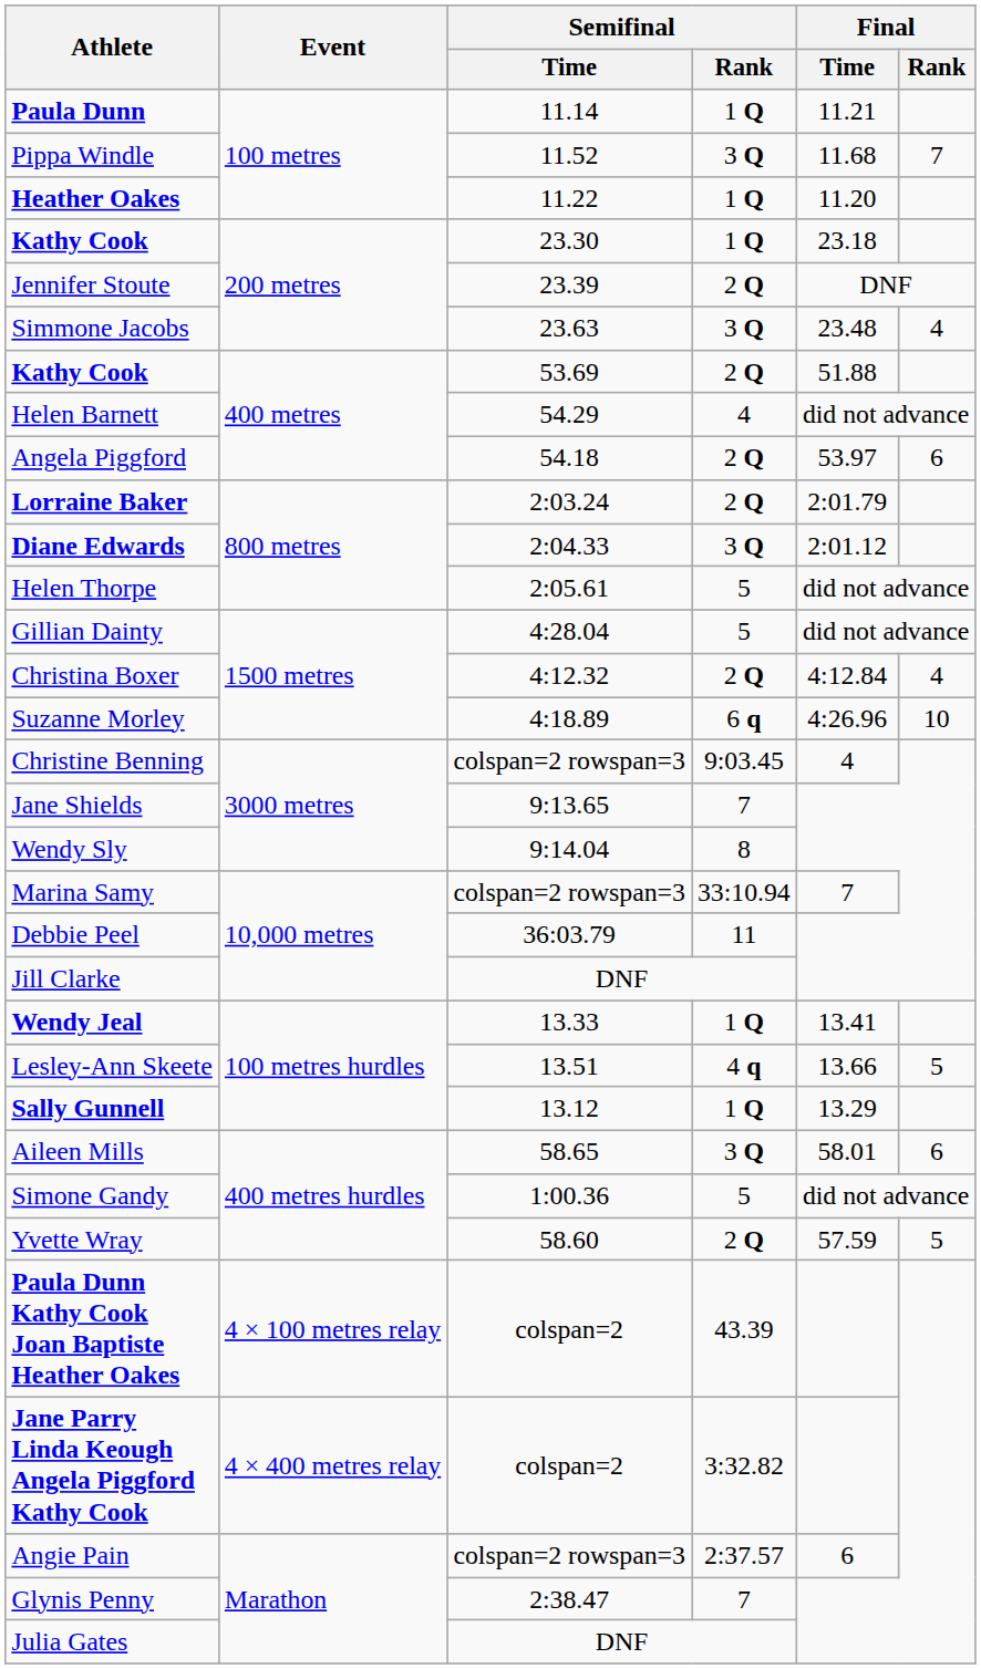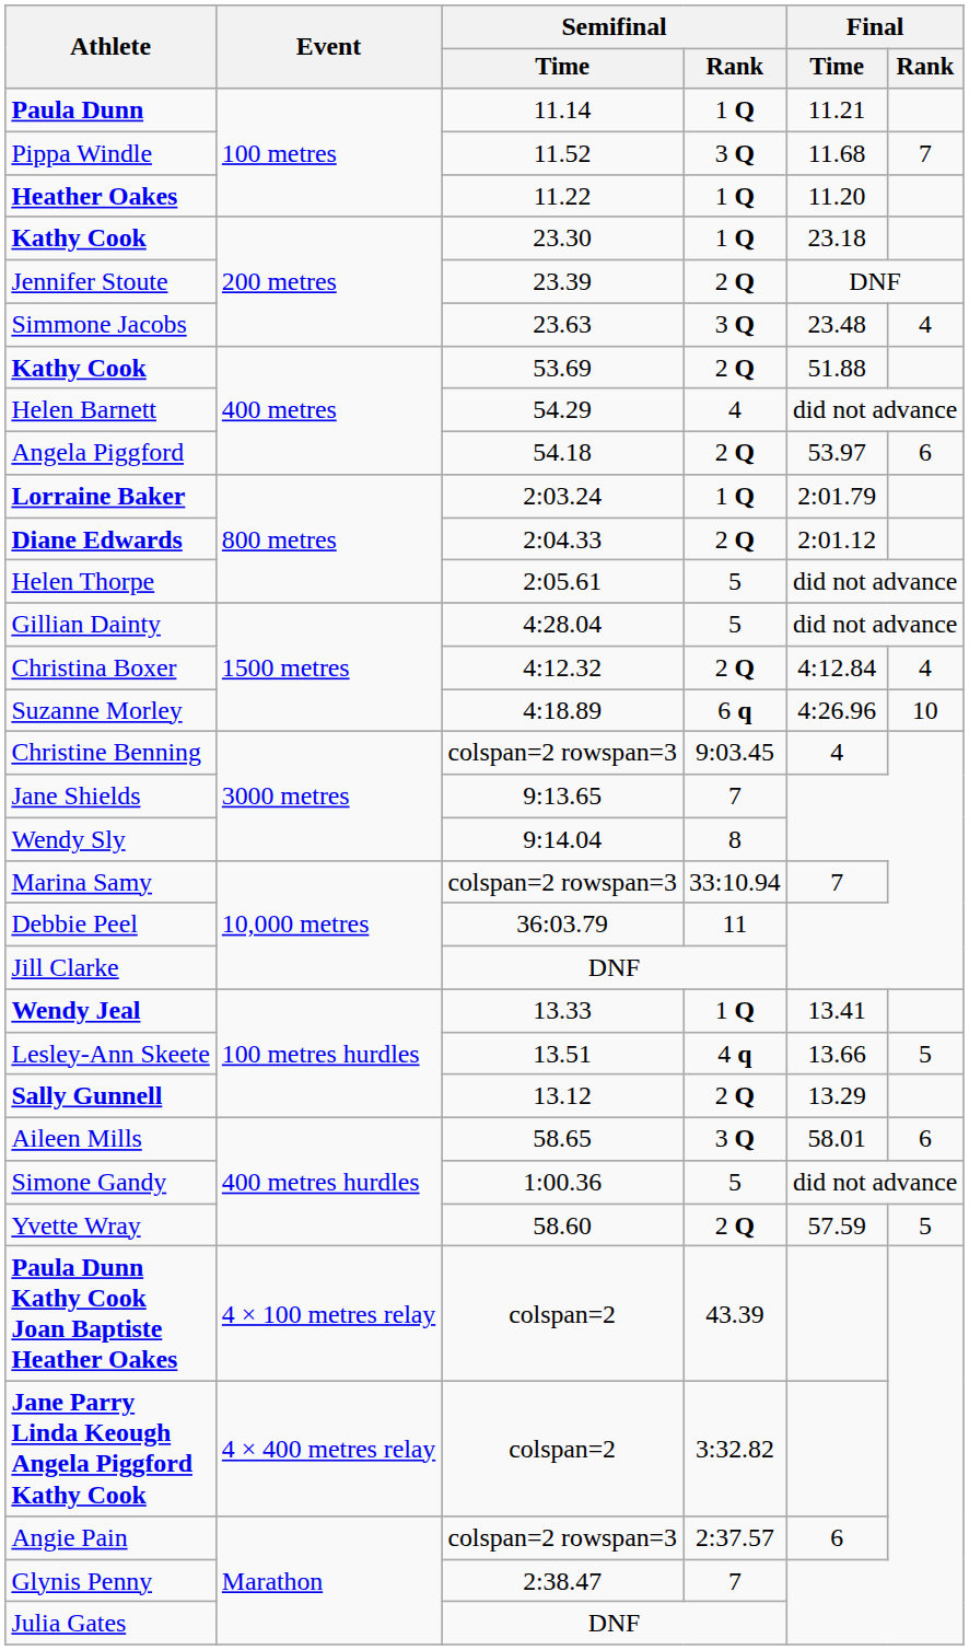 <table class="wikitable" style="font-size:90%">
 <tr>
 <th rowspan="2">Athlete</th>
 <th rowspan="2">Event</th>
 <th colspan="2">Semifinal</th>
 <th colspan="2">Final</th>
 </tr>
 <tr style="font-size:95%">
 <th>Time</th>
 <th>Rank</th>
 <th>Time</th>
 <th>Rank</th>
 </tr>
 <tr align=center>
 <td align=left><strong><a href='#'>Paula Dunn</a></strong></td>
 <td align=left rowspan=3><a href='#'>100 metres</a></td>
 <td>11.14</td>
 <td>1 <strong>Q</strong></td>
 <td>11.21</td>
 <td></td>
 </tr>
 <tr align=center>
 <td align=left><a href='#'>Pippa Windle</a></td>
 <td>11.52</td>
 <td>3 <strong>Q</strong></td>
 <td>11.68</td>
 <td>7</td>
 </tr>
 <tr align=center>
 <td align=left><strong><a href='#'>Heather Oakes</a></strong></td>
 <td>11.22</td>
 <td>1 <strong>Q</strong></td>
 <td>11.20</td>
 <td></td>
 </tr>
 <tr align=center>
 <td align=left><strong><a href='#'>Kathy Cook</a></strong></td>
 <td align=left rowspan=3><a href='#'>200 metres</a></td>
 <td>23.30</td>
 <td>1 <strong>Q</strong></td>
 <td>23.18</td>
 <td></td>
 </tr>
 <tr align=center>
 <td align=left><a href='#'>Jennifer Stoute</a></td>
 <td>23.39</td>
 <td>2 <strong>Q</strong></td>
 <td colspan=2>DNF</td>
 </tr>
 <tr align=center>
 <td align=left><a href='#'>Simmone Jacobs</a></td>
 <td>23.63</td>
 <td>3 <strong>Q</strong></td>
 <td>23.48</td>
 <td>4</td>
 </tr>
 <tr align=center>
 <td align=left><strong><a href='#'>Kathy Cook</a></strong></td>
 <td align=left rowspan=3><a href='#'>400 metres</a></td>
 <td>53.69</td>
 <td>2 <strong>Q</strong></td>
 <td>51.88</td>
 <td></td>
 </tr>
 <tr align=center>
 <td align=left><a href='#'>Helen Barnett</a></td>
 <td>54.29</td>
 <td>4</td>
 <td colspan=2>did not advance</td>
 </tr>
 <tr align=center>
 <td align=left><a href='#'>Angela Piggford</a></td>
 <td>54.18</td>
 <td>2 <strong>Q</strong></td>
 <td>53.97</td>
 <td>6</td>
 </tr>
 <tr align=center>
 <td align=left><strong><a href='#'>Lorraine Baker</a></strong></td>
 <td align=left rowspan=3><a href='#'>800 metres</a></td>
 <td>2:03.24</td>
-<td>2 <strong>Q</strong></td>
+<td>1 <strong>Q</strong></td>
 <td>2:01.79</td>
 <td></td>
 </tr>
 <tr align=center>
 <td align=left><strong><a href='#'>Diane Edwards</a></strong></td>
 <td>2:04.33</td>
-<td>3 <strong>Q</strong></td>
+<td>2 <strong>Q</strong></td>
 <td>2:01.12</td>
 <td></td>
 </tr>
 <tr align=center>
 <td align=left><a href='#'>Helen Thorpe</a></td>
 <td>2:05.61</td>
 <td>5</td>
 <td colspan=2>did not advance</td>
 </tr>
 <tr align=center>
 <td align=left><a href='#'>Gillian Dainty</a></td>
 <td align=left rowspan=3><a href='#'>1500 metres</a></td>
 <td>4:28.04</td>
 <td>5</td>
 <td colspan=2>did not advance</td>
 </tr>
 <tr align=center>
 <td align=left><a href='#'>Christina Boxer</a></td>
 <td>4:12.32</td>
 <td>2 <strong>Q</strong></td>
 <td>4:12.84</td>
 <td>4</td>
 </tr>
 <tr align=center>
 <td align=left><a href='#'>Suzanne Morley</a></td>
 <td>4:18.89</td>
 <td>6 <strong>q</strong></td>
 <td>4:26.96</td>
 <td>10</td>
 </tr>
 <tr align=center>
 <td align=left><a href='#'>Christine Benning</a></td>
 <td align=left rowspan=3><a href='#'>3000 metres</a></td>
 <td>colspan=2 rowspan=3 </td>
 <td>9:03.45</td>
 <td>4</td>
 </tr>
 <tr align=center>
 <td align=left><a href='#'>Jane Shields</a></td>
 <td>9:13.65</td>
 <td>7</td>
 </tr>
 <tr align=center>
 <td align=left><a href='#'>Wendy Sly</a></td>
 <td>9:14.04</td>
 <td>8</td>
 </tr>
 <tr align=center>
 <td align=left><a href='#'>Marina Samy</a></td>
 <td align=left rowspan=3><a href='#'>10,000 metres</a></td>
 <td>colspan=2 rowspan=3 </td>
 <td>33:10.94</td>
 <td>7</td>
 </tr>
 <tr align=center>
 <td align=left><a href='#'>Debbie Peel</a></td>
 <td>36:03.79</td>
 <td>11</td>
 </tr>
 <tr align=center>
 <td align=left><a href='#'>Jill Clarke</a></td>
 <td colspan=2>DNF</td>
 </tr>
 <tr align=center>
 <td align=left><strong><a href='#'>Wendy Jeal</a></strong></td>
 <td align=left rowspan=3><a href='#'>100 metres hurdles</a></td>
 <td>13.33</td>
 <td>1 <strong>Q</strong></td>
 <td>13.41</td>
 <td></td>
 </tr>
 <tr align=center>
 <td align=left><a href='#'>Lesley-Ann Skeete</a></td>
 <td>13.51</td>
 <td>4 <strong>q</strong></td>
 <td>13.66</td>
 <td>5</td>
 </tr>
 <tr align=center>
 <td align=left><strong><a href='#'>Sally Gunnell</a></strong></td>
 <td>13.12</td>
-<td>1 <strong>Q</strong></td>
+<td>2 <strong>Q</strong></td>
 <td>13.29</td>
 <td></td>
 </tr>
 <tr align=center>
 <td align=left><a href='#'>Aileen Mills</a></td>
 <td align=left rowspan=3><a href='#'>400 metres hurdles</a></td>
 <td>58.65</td>
 <td>3 <strong>Q</strong></td>
 <td>58.01</td>
 <td>6</td>
 </tr>
 <tr align=center>
 <td align=left><a href='#'>Simone Gandy</a></td>
 <td>1:00.36</td>
 <td>5</td>
 <td colspan=2>did not advance</td>
 </tr>
 <tr align=center>
 <td align=left><a href='#'>Yvette Wray</a></td>
 <td>58.60</td>
 <td>2 <strong>Q</strong></td>
 <td>57.59</td>
 <td>5</td>
 </tr>
 <tr align=center>
 <td align=left><strong><a href='#'>Paula Dunn</a></strong><br><strong><a href='#'>Kathy Cook</a></strong><br><strong><a href='#'>Joan Baptiste</a></strong><br><strong><a href='#'>Heather Oakes</a></strong></td>
 <td align=left><a href='#'>4 × 100 metres relay</a></td>
 <td>colspan=2 </td>
 <td>43.39</td>
 <td></td>
 </tr>
 <tr align=center>
 <td align=left><strong><a href='#'>Jane Parry</a></strong><br><strong><a href='#'>Linda Keough</a></strong><br><strong><a href='#'>Angela Piggford</a></strong><br><strong><a href='#'>Kathy Cook</a></strong></td>
 <td align=left><a href='#'>4 × 400 metres relay</a></td>
 <td>colspan=2 </td>
 <td>3:32.82</td>
 <td></td>
 </tr>
 <tr align=center>
 <td align=left><a href='#'>Angie Pain</a></td>
 <td align=left rowspan=3><a href='#'>Marathon</a></td>
 <td>colspan=2 rowspan=3 </td>
 <td>2:37.57</td>
 <td>6</td>
 </tr>
 <tr align=center>
 <td align=left><a href='#'>Glynis Penny</a></td>
 <td>2:38.47</td>
 <td>7</td>
 </tr>
 <tr align=center>
 <td align=left><a href='#'>Julia Gates</a></td>
 <td colspan=2>DNF</td>
 </tr>
 </table>
